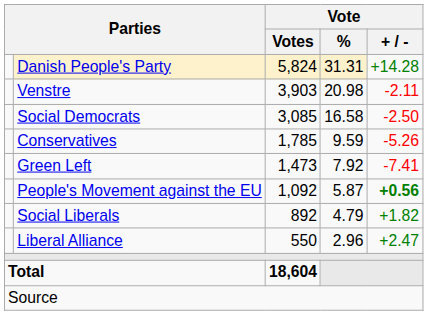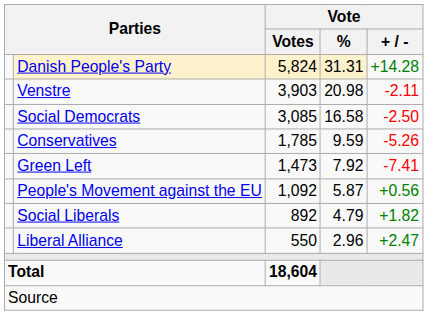 <table class="wikitable" style="text-align:right;">
 <tr>
 <th style="text-align:centre;" rowspan="2" colspan="2" width="225">Parties</th>
 <th colspan="3">Vote</th>
 </tr>
 <tr>
 <th width="15">Votes</th>
 <th width="15">%</th>
 <th width="15">+ / -</th>
 </tr>
 <tr>
 <td width="2" style="color:inherit;background:"></td>
 <td bgcolor=#fef2cc   align="left"><a href='#'>Danish People's Party</a></td>
 <td bgcolor=#fef2cc>5,824</td>
 <td bgcolor=#fef2cc>31.31</td>
 <td style=color:green;>+14.28</td>
 </tr>
 <tr>
 <td width="2" style="color:inherit;background:"></td>
 <td align="left"><a href='#'>Venstre</a></td>
 <td>3,903</td>
 <td>20.98</td>
 <td style=color:red;>-2.11</td>
 </tr>
 <tr>
 <td width="2" style="color:inherit;background:"></td>
 <td align="left"><a href='#'>Social Democrats</a></td>
 <td>3,085</td>
 <td>16.58</td>
 <td style=color:red;>-2.50</td>
 </tr>
 <tr>
 <td width="2" style="color:inherit;background:"></td>
 <td align="left"><a href='#'>Conservatives</a></td>
 <td>1,785</td>
 <td>9.59</td>
 <td style=color:red;>-5.26</td>
 </tr>
 <tr>
 <td width="2" style="color:inherit;background:"></td>
 <td align="left"><a href='#'>Green Left</a></td>
 <td>1,473</td>
 <td>7.92</td>
 <td style=color:red;>-7.41</td>
 </tr>
 <tr>
 <td width="2" style="color:inherit;background:"></td>
 <td align="left"><a href='#'>People's Movement against the EU</a></td>
 <td>1,092</td>
 <td>5.87</td>
-<td style=color:green;><strong>+0.56</strong></td>
+<td style=color:green;>+0.56</td>
 </tr>
 <tr>
 <td width="2" style="color:inherit;background:"></td>
 <td align="left"><a href='#'>Social Liberals</a></td>
 <td>892</td>
 <td>4.79</td>
 <td style=color:green;>+1.82</td>
 </tr>
 <tr>
 <td width="2" style="color:inherit;background:"></td>
 <td align="left"><a href='#'>Liberal Alliance</a></td>
 <td>550</td>
 <td>2.96</td>
 <td style=color:green;>+2.47</td>
 </tr>
 <tr>
 <td colspan="7" bgcolor="#E9E9E9"></td>
 </tr>
 <tr>
 <td align="left" colspan="2"><strong>Total</strong></td>
 <td><strong>18,604</strong></td>
 <td bgcolor="#E9E9E9" colspan="2"></td>
 </tr>
 <tr>
 <td align="left" colspan="6">Source</td>
 </tr>
 </table>
